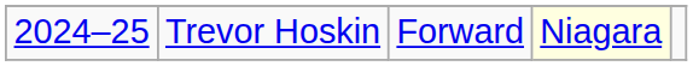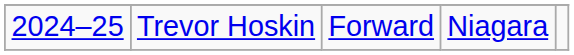 <table class="wikitable sortable">
 <tr>
 </tr>
 <tr align=center>
 <td><a href='#'>2024–25</a></td>
 <td><a href='#'>Trevor Hoskin</a></td>
 <td><a href='#'>Forward</a></td>
-<td style="background: lightyellow;"><a href='#'>Niagara</a></td>
+<td><a href='#'>Niagara</a></td>
 <td></td>
 </tr>
 </table>
